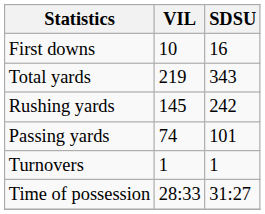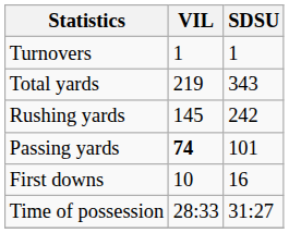 <table class="wikitable">
 <tr>
 <th>Statistics</th>
 <th>VIL</th>
 <th>SDSU</th>
 </tr>
 <tr>
-<td>First downs</td>
-<td>10</td>
-<td>16</td>
+<td>Turnovers</td>
+<td>1</td>
+<td>1</td>
 </tr>
 <tr>
 <td>Total yards</td>
 <td>219</td>
 <td>343</td>
 </tr>
 <tr>
 <td>Rushing yards</td>
 <td>145</td>
 <td>242</td>
 </tr>
 <tr>
 <td>Passing yards</td>
-<td>74</td>
+<td><strong>74</strong></td>
 <td>101</td>
 </tr>
 <tr>
-<td>Turnovers</td>
-<td>1</td>
-<td>1</td>
+<td>First downs</td>
+<td>10</td>
+<td>16</td>
 </tr>
 <tr>
 <td>Time of possession</td>
 <td>28:33</td>
 <td>31:27</td>
 </tr>
 <tr>
 </tr>
 </table>
